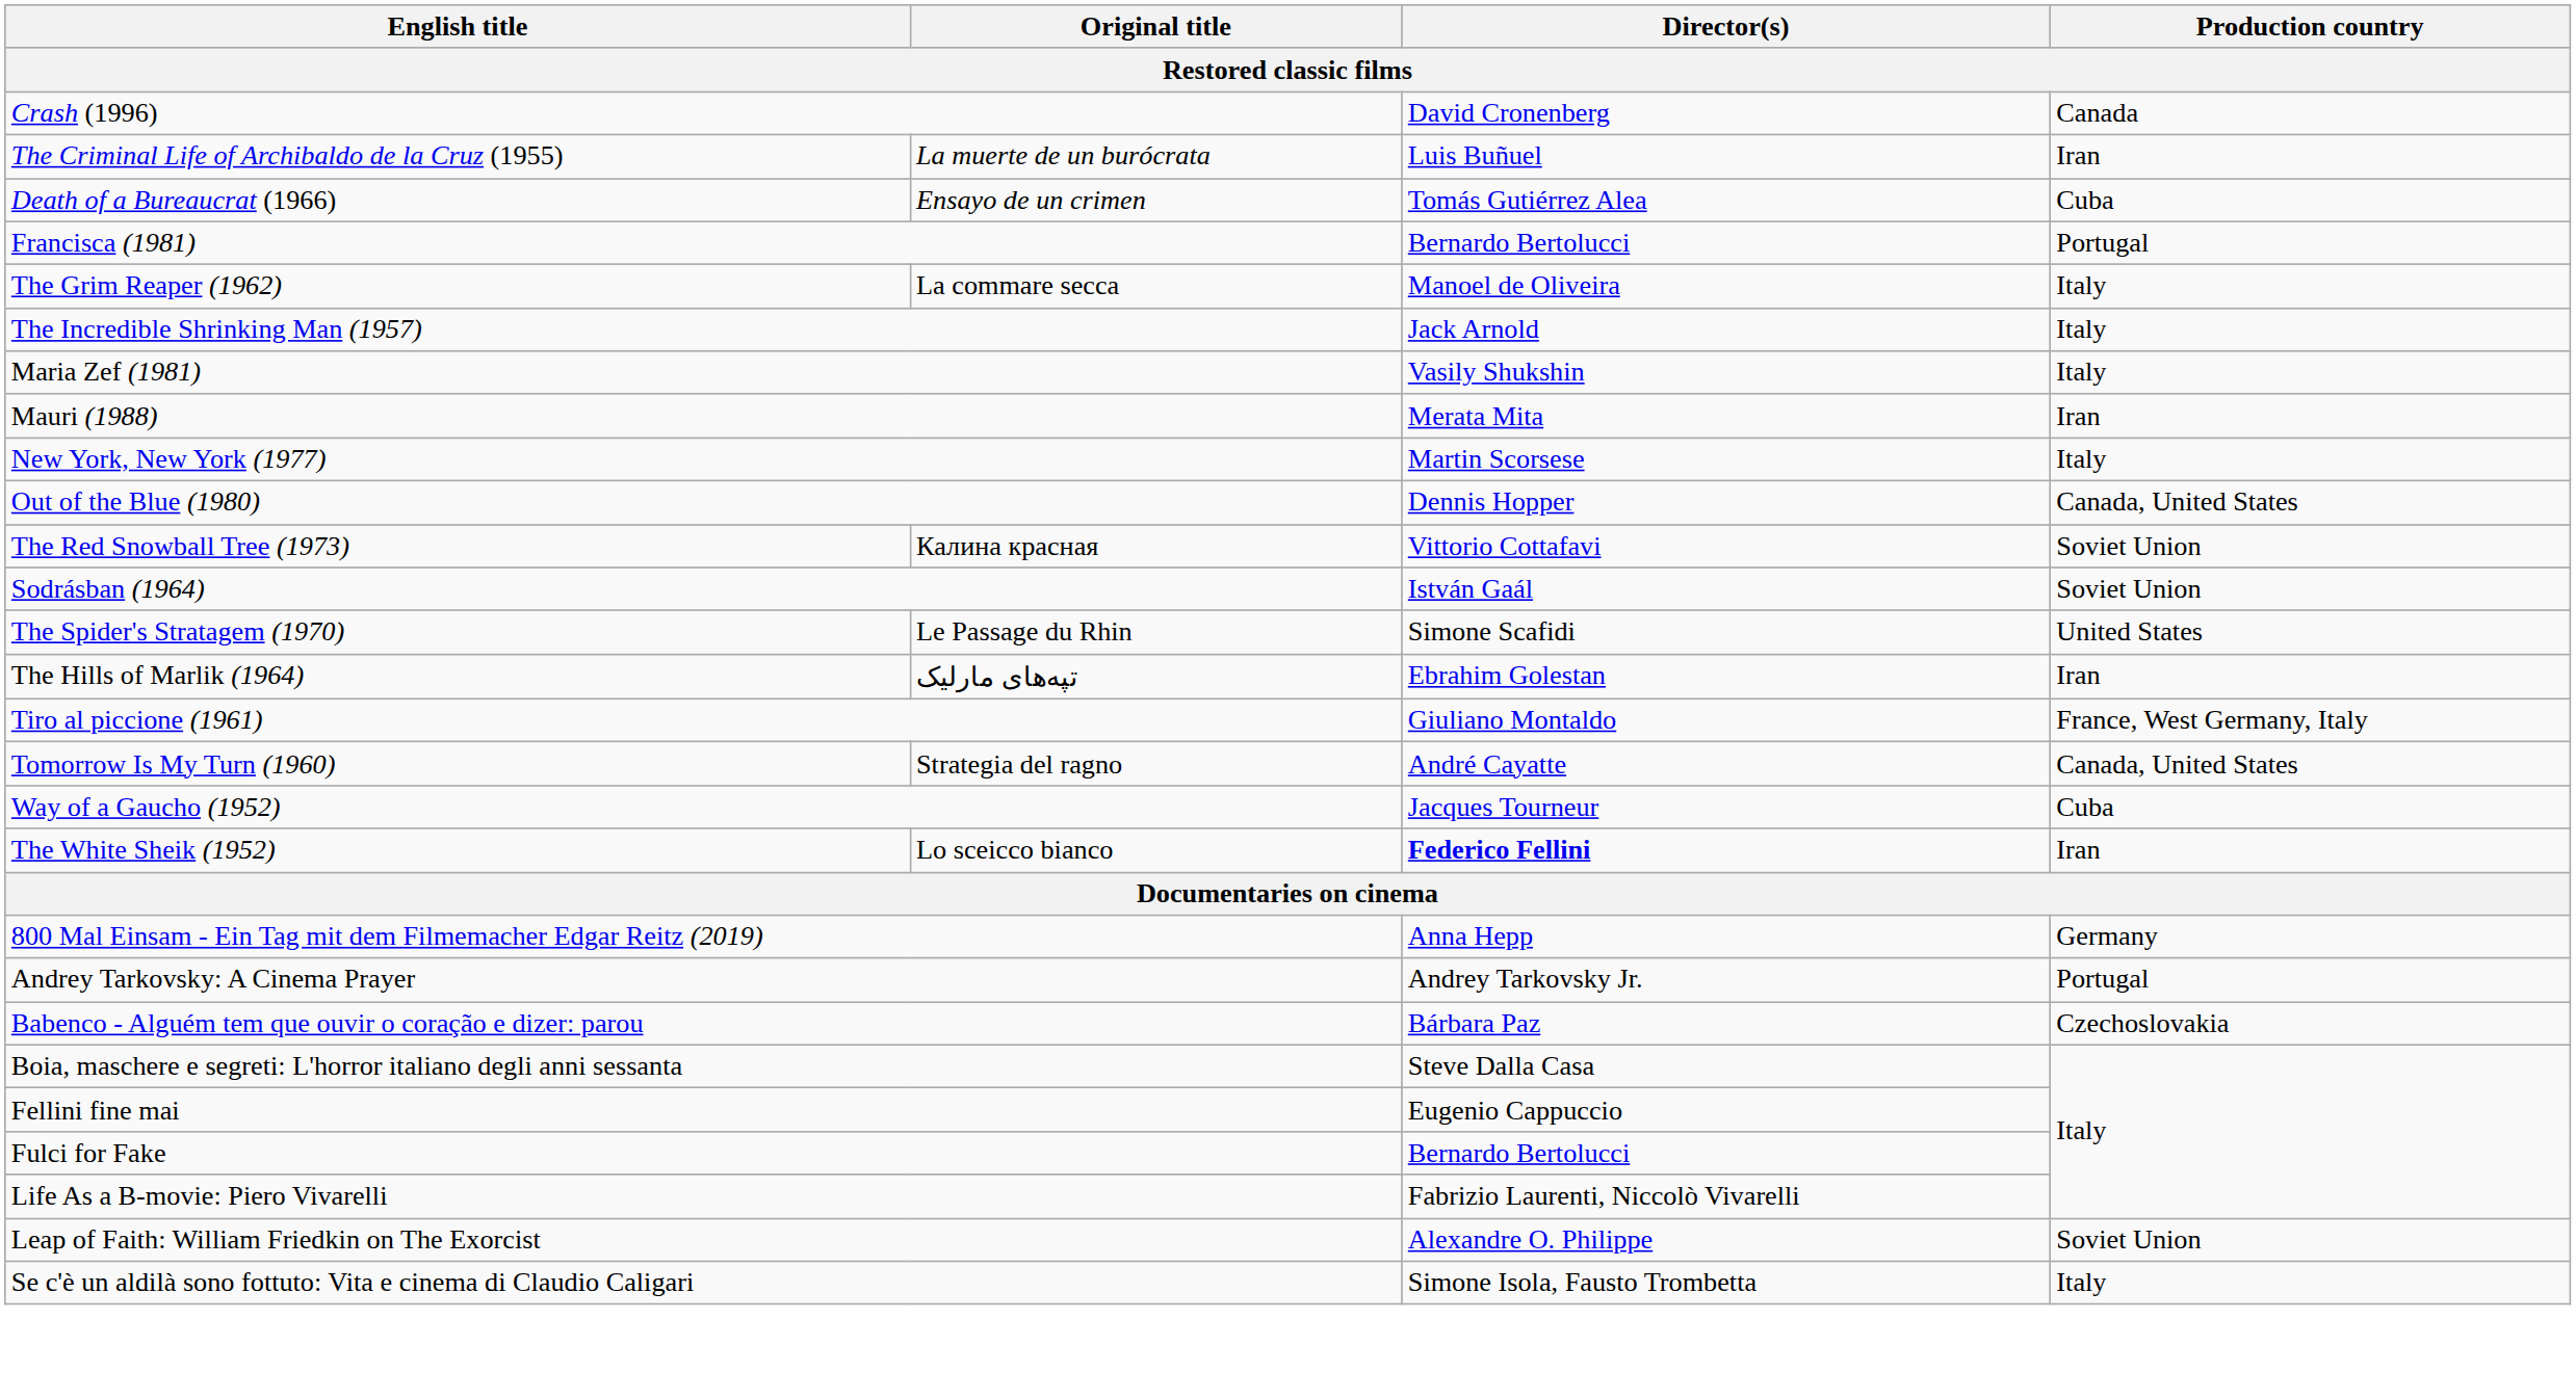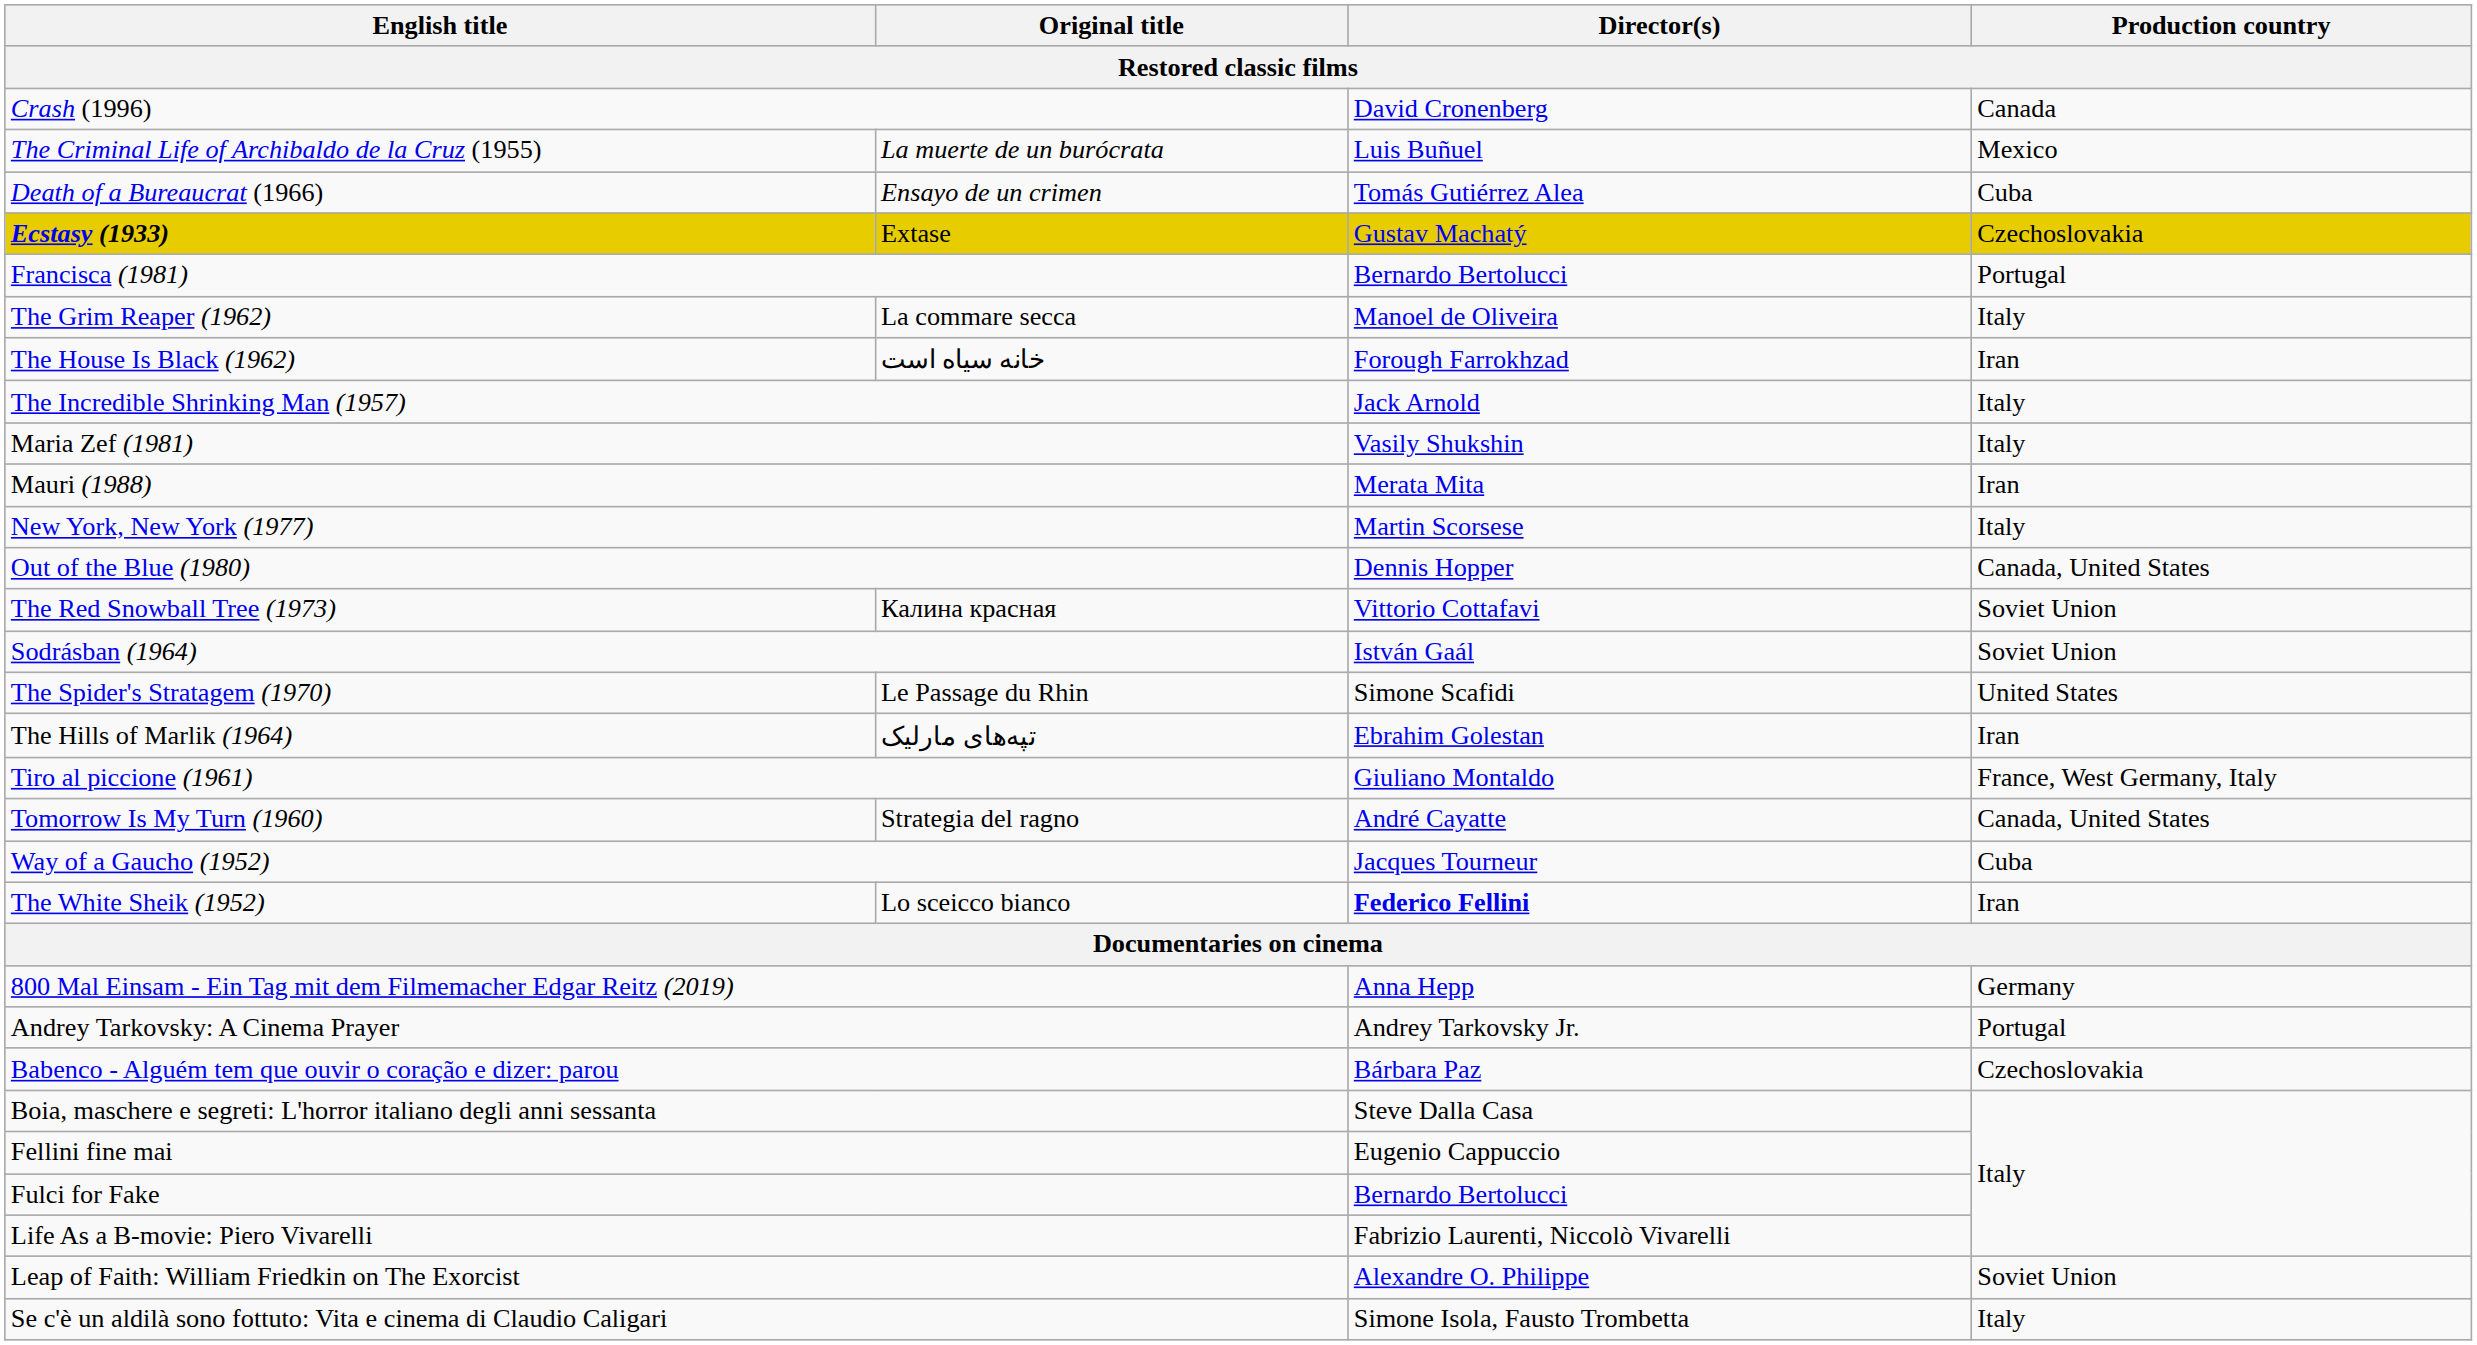 <table class="wikitable" style="width:95%; margin-bottom:0px">
 <tr>
 <th>English title</th>
 <th>Original title</th>
 <th>Director(s)</th>
 <th>Production country</th>
 </tr>
 <tr>
 <th colspan=4>Restored classic films</th>
 </tr>
 <tr>
 <td colspan=2><em><a href='#'>Crash</a></em> (1996)</td>
 <td data-sort-value="Cronenberg"><a href='#'>David Cronenberg</a></td>
 <td>Canada</td>
 </tr>
 <tr>
 <td><em><a href='#'>The Criminal Life of Archibaldo de la Cruz</a></em> (1955)</td>
 <td><em>La muerte de un burócrata</em></td>
 <td data-sort-value="Buñuel"><a href='#'>Luis Buñuel</a></td>
-<td>Iran</td>
+<td>Mexico</td>
 </tr>
 <tr>
 <td><em><a href='#'>Death of a Bureaucrat</a></em> (1966)</td>
 <td><em>Ensayo de un crimen</em></td>
 <td data-sort-value="Gutiérrez Alea"><a href='#'>Tomás Gutiérrez Alea</a></td>
 <td>Cuba</td>
+</tr>
+<tr style="background:#E7CD00;">
+<td><strong><em><a href='#'>Ecstasy</a><em> (1933)<strong></td>
+<td></em></strong>Extase<strong><em></td>
+<td data-sort-value="Machatý"></strong><a href='#'>Gustav Machatý</a><strong></td>
+<td></strong>Czechoslovakia<strong></td>
 </tr>
 <tr>
 <td colspan=2></em><a href='#'>Francisca</a><em> (1981)</td>
 <td data-sort-value="Bertolucci"><a href='#'>Bernardo Bertolucci</a></td>
 <td>Portugal</td>
 </tr>
 <tr>
 <td></em><a href='#'>The Grim Reaper</a><em> (1962)</td>
 <td></em>La commare secca<em></td>
 <td data-sort-value="De Oliveira"><a href='#'>Manoel de Oliveira</a></td>
 <td>Italy</td>
+</tr>
+<tr>
+<td></em><a href='#'>The House Is Black</a><em> (1962)</td>
+<td>خانه سیاه است</td>
+<td data-sort-value="Farrokhzad"><a href='#'>Forough Farrokhzad</a></td>
+<td>Iran</td>
 </tr>
 <tr>
 <td colspan=2></em><a href='#'>The Incredible Shrinking Man</a><em> (1957)</td>
 <td data-sort-value="Arnold"><a href='#'>Jack Arnold</a></td>
 <td>Italy</td>
 </tr>
 <tr>
 <td colspan=2></em>Maria Zef<em> (1981)</td>
 <td data-sort-value="Shukshin"><a href='#'>Vasily Shukshin</a></td>
 <td>Italy</td>
 </tr>
 <tr>
 <td colspan=2></em>Mauri<em> (1988)</td>
 <td data-sort-value="Mita"><a href='#'>Merata Mita</a></td>
 <td>Iran</td>
 </tr>
 <tr>
 <td colspan=2></em><a href='#'>New York, New York</a><em> (1977)</td>
 <td data-sort-value="Scorsese"><a href='#'>Martin Scorsese</a></td>
 <td>Italy</td>
 </tr>
 <tr>
 <td colspan=2></em><a href='#'>Out of the Blue</a><em> (1980)</td>
 <td data-sort-value="Hopper"><a href='#'>Dennis Hopper</a></td>
 <td>Canada, United States</td>
 </tr>
 <tr>
 <td></em><a href='#'>The Red Snowball Tree</a><em> (1973)</td>
 <td></em>Калина красная<em></td>
 <td data-sort-value="Cottafavi"><a href='#'>Vittorio Cottafavi</a></td>
 <td>Soviet Union</td>
 </tr>
 <tr>
 <td colspan=2></em><a href='#'>Sodrásban</a><em> (1964)</td>
 <td data-sort-value="Gaál"><a href='#'>István Gaál</a></td>
 <td>Soviet Union</td>
 </tr>
 <tr>
 <td></em><a href='#'>The Spider's Stratagem</a><em> (1970)</td>
 <td></em>Le Passage du Rhin<em></td>
 <td>Simone Scafidi</td>
 <td>United States</td>
 </tr>
 <tr>
 <td></em>The Hills of Marlik<em> (1964)</td>
 <td>تپه‌های مارلیک</td>
 <td data-sort-value="Golestan"><a href='#'>Ebrahim Golestan</a></td>
 <td>Iran</td>
 </tr>
 <tr>
 <td colspan=2></em><a href='#'>Tiro al piccione</a><em> (1961)</td>
 <td data-sort-value="Montaldo"><a href='#'>Giuliano Montaldo</a></td>
 <td>France, West Germany, Italy</td>
 </tr>
 <tr>
 <td></em><a href='#'>Tomorrow Is My Turn</a><em> (1960)</td>
 <td></em>Strategia del ragno<em></td>
 <td data-sort-value="Cayatte"><a href='#'>André Cayatte</a></td>
 <td>Canada, United States</td>
 </tr>
 <tr>
 <td colspan=2></em><a href='#'>Way of a Gaucho</a><em> (1952)</td>
 <td data-sort-value="Tourneur"><a href='#'>Jacques Tourneur</a></td>
 <td>Cuba</td>
 </tr>
 <tr>
 <td></em><a href='#'>The White Sheik</a><em> (1952)</td>
 <td></em>Lo sceicco bianco<em></td>
 <td data-sort-value="Fellini"><strong><a href='#'>Federico Fellini</a></strong></td>
 <td>Iran</td>
 </tr>
 <tr>
 <th colspan="4">Documentaries on cinema</th>
 </tr>
 <tr>
 <td colspan="2"></em><a href='#'>800 Mal Einsam - Ein Tag mit dem Filmemacher Edgar Reitz</a><em> (2019)</td>
 <td><a href='#'>Anna Hepp</a></td>
 <td>Germany</td>
 </tr>
 <tr>
 <td colspan="2"></em>Andrey Tarkovsky: A Cinema Prayer<em></td>
 <td>Andrey Tarkovsky Jr.</td>
 <td>Portugal</td>
 </tr>
 <tr -style="background:#E7CD00;">
 <td colspan="2"></em><a href='#'></strong>Babenco - Alguém tem que ouvir o coração e dizer: parou<strong></a><em></td>
 <td></strong><a href='#'>Bárbara Paz</a><strong></td>
 <td></strong>Czechoslovakia<strong></td>
 </tr>
 <tr>
 <td colspan="2"></em>Boia, maschere e segreti: L'horror italiano degli anni sessanta<em></td>
 <td>Steve Dalla Casa</td>
 <td rowspan="4">Italy</td>
 </tr>
 <tr>
 <td colspan="2"></em>Fellini fine mai<em></td>
 <td>Eugenio Cappuccio</td>
 </tr>
 <tr>
 <td colspan="2"></em>Fulci for Fake<em></td>
 <td data-sort-value="Bertolucci"><a href='#'>Bernardo Bertolucci</a></td>
 </tr>
 <tr>
 <td colspan="2"></em>Life As a B-movie: Piero Vivarelli<em></td>
 <td>Fabrizio Laurenti, Niccolò Vivarelli</td>
 </tr>
 <tr>
 <td colspan="2"></em>Leap of Faith: William Friedkin on The Exorcist<em></td>
 <td><a href='#'>Alexandre O. Philippe</a></td>
 <td>Soviet Union</td>
 </tr>
 <tr>
 <td colspan="2"></em>Se c'è un aldilà sono fottuto: Vita e cinema di Claudio Caligari<em></td>
 <td>Simone Isola, Fausto Trombetta</td>
 <td>Italy</td>
 </tr>
 </table>
